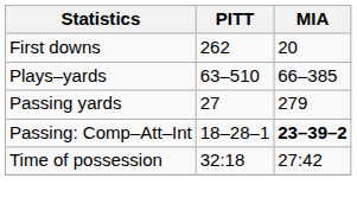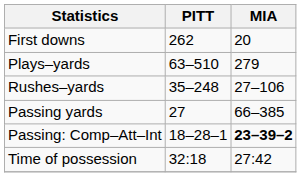 <table class="wikitable" style="float: left;">
 <tr>
 <th>Statistics</th>
 <th>PITT</th>
 <th>MIA</th>
 </tr>
 <tr>
 <td>First downs</td>
 <td>262</td>
 <td>20</td>
 </tr>
 <tr>
 <td>Plays–yards</td>
 <td>63–510</td>
-<td>66–385</td>
+<td>279</td>
+</tr>
+<tr>
+<td>Rushes–yards</td>
+<td>35–248</td>
+<td>27–106</td>
 </tr>
 <tr>
 <td>Passing yards</td>
 <td>27</td>
-<td>279</td>
+<td>66–385</td>
 </tr>
 <tr>
 <td>Passing: Comp–Att–Int</td>
 <td>18–28–1</td>
 <td><strong>23–39–2</strong></td>
 </tr>
 <tr>
 <td>Time of possession</td>
 <td>32:18</td>
 <td>27:42</td>
 </tr>
 <tr>
 </tr>
 </table>
